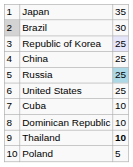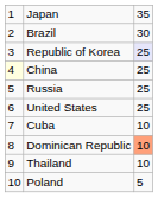 <table class="wikitable">
 <tr>
 <td>1</td>
 <td>Japan</td>
 <td>35</td>
 </tr>
 <tr>
-<td style="background: lightgrey;">2</td>
+<td>2</td>
 <td>Brazil</td>
 <td>30</td>
 </tr>
 <tr>
 <td>3</td>
 <td>Republic of Korea</td>
 <td style="background: lavender;">25</td>
 </tr>
 <tr>
-<td>4</td>
+<td style="background: lightyellow;">4</td>
 <td>China</td>
 <td>25</td>
 </tr>
 <tr>
 <td>5</td>
 <td>Russia</td>
-<td style="background: lightblue;">25</td>
+<td>25</td>
 </tr>
 <tr>
 <td>6</td>
 <td>United States</td>
 <td>25</td>
 </tr>
 <tr>
 <td>7</td>
 <td>Cuba</td>
 <td>10</td>
 </tr>
 <tr>
 <td>8</td>
 <td>Dominican Republic</td>
-<td>10</td>
+<td style="background: lightsalmon;">10</td>
 </tr>
 <tr>
 <td>9</td>
 <td>Thailand</td>
-<td><strong>10</strong></td>
+<td>10</td>
 </tr>
 <tr>
 <td>10</td>
 <td>Poland</td>
 <td>5</td>
 </tr>
 </table>
